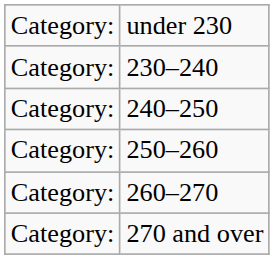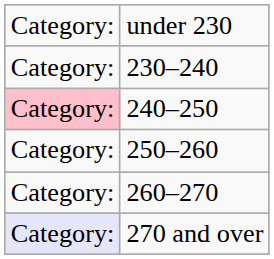 <table class="wikitable sortable">
 <tr>
 <td>Category:</td>
 <td>under 230</td>
 </tr>
 <tr>
 <td>Category:</td>
 <td>230–240</td>
 </tr>
 <tr>
-<td>Category:</td>
+<td style="background: pink;">Category:</td>
 <td>240–250</td>
 </tr>
 <tr>
 <td>Category:</td>
 <td>250–260</td>
 </tr>
 <tr>
 <td>Category:</td>
 <td>260–270</td>
 </tr>
 <tr>
-<td>Category:</td>
+<td style="background: lavender;">Category:</td>
 <td>270 and over</td>
 </tr>
 </table>
